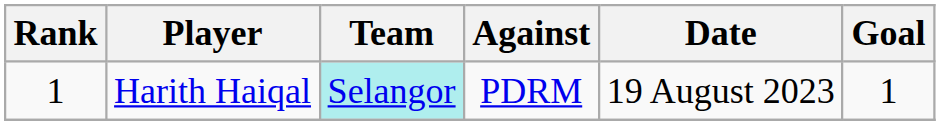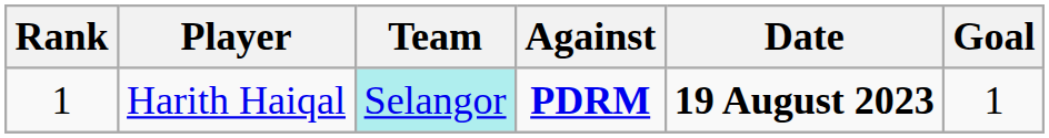 <table class="wikitable" style="text-align:center">
 <tr>
 <th>Rank</th>
 <th>Player</th>
 <th>Team</th>
 <th>Against</th>
 <th>Date</th>
 <th>Goal</th>
 </tr>
 <tr>
 <td>1</td>
 <td> <a href='#'>Harith Haiqal</a></td>
 <td style="background: paleturquoise;"><a href='#'>Selangor</a></td>
-<td><a href='#'>PDRM</a></td>
-<td>19 August 2023</td>
+<td><strong><a href='#'>PDRM</a></strong></td>
+<td><strong>19 August 2023</strong></td>
 <td>1</td>
 </tr>
 <tr>
 </tr>
 </table>
